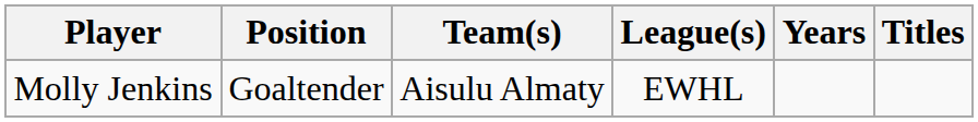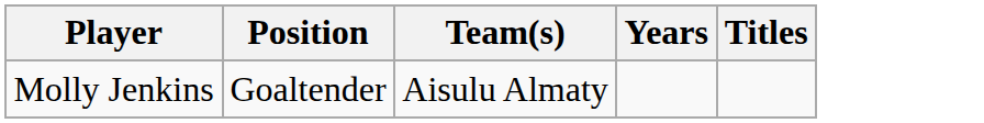 <table class="wikitable sortable">
 <tr>
 <th>Player</th>
 <th>Position</th>
 <th>Team(s)</th>
-<th>League(s)</th>
 <th>Years</th>
 <th>Titles</th>
 </tr>
 <tr align="center" bgcolor="">
 <td>Molly Jenkins</td>
 <td>Goaltender</td>
 <td>Aisulu Almaty</td>
-<td>EWHL</td>
 <td></td>
 <td></td>
 </tr>
 </table>
